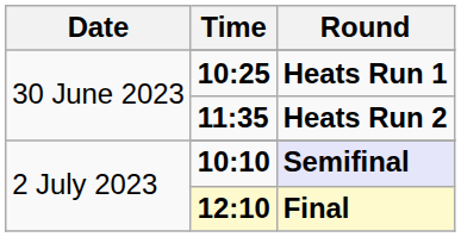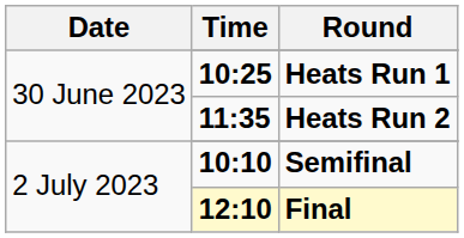 <table class="wikitable">
 <tr>
 <th>Date</th>
 <th>Time</th>
 <th>Round</th>
 </tr>
 <tr>
 <td rowspan=3>30 June 2023</td>
 </tr>
 <tr>
 <td><strong>10:25</strong></td>
 <td><strong>Heats Run 1</strong></td>
 </tr>
 <tr>
 <td><strong>11:35</strong></td>
 <td><strong>Heats Run 2</strong></td>
 </tr>
 <tr>
 <td rowspan=3>2 July 2023</td>
 </tr>
 <tr>
 <td><strong>10:10</strong></td>
-<td style="background: lavender;"><strong>Semifinal</strong></td>
+<td><strong>Semifinal</strong></td>
 </tr>
 <tr style=background:lemonchiffon>
 <td><strong>12:10</strong></td>
 <td><strong>Final</strong></td>
 </tr>
 </table>
